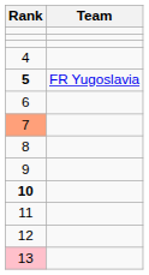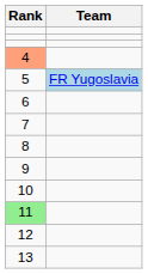 <table class="wikitable" border="1">
 <tr>
 <th>Rank</th>
 <th>Team</th>
 </tr>
 <tr>
 <td align=center></td>
 <td></td>
 </tr>
 <tr>
 <td align=center></td>
 <td></td>
 </tr>
 <tr>
 <td align=center></td>
 <td></td>
 </tr>
 <tr>
-<td align=center>4</td>
+<td align=center style="background: lightsalmon;">4</td>
 <td></td>
 </tr>
 <tr>
-<td align=center><strong>5</strong></td>
-<td> <a href='#'>FR Yugoslavia</a></td>
+<td align=center>5</td>
+<td style="background: lightblue;"> <a href='#'>FR Yugoslavia</a></td>
 </tr>
 <tr>
 <td align=center>6</td>
 <td></td>
 </tr>
 <tr>
-<td align=center style="background: lightsalmon;">7</td>
+<td align=center>7</td>
 <td></td>
 </tr>
 <tr>
 <td align=center>8</td>
 <td></td>
 </tr>
 <tr>
 <td align=center>9</td>
 <td></td>
 </tr>
 <tr>
-<td align=center><strong>10</strong></td>
+<td align=center>10</td>
 <td></td>
 </tr>
 <tr>
-<td align=center>11</td>
+<td align=center style="background: lightgreen;">11</td>
 <td></td>
 </tr>
 <tr>
 <td align=center>12</td>
 <td></td>
 </tr>
 <tr>
-<td align=center style="background: pink;">13</td>
+<td align=center>13</td>
 <td></td>
 </tr>
 </table>
